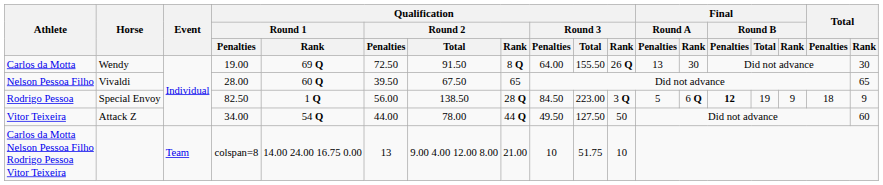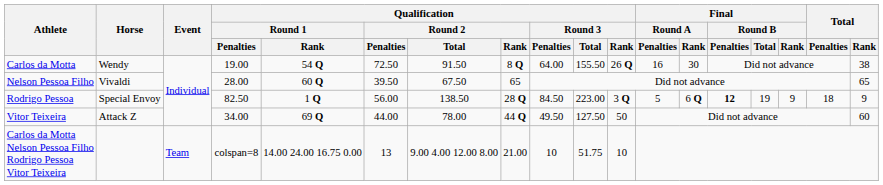 <table class="wikitable" style="font-size:90%">
 <tr>
 <th rowspan="3">Athlete</th>
 <th rowspan="3">Horse</th>
 <th rowspan="3">Event</th>
 <th colspan="8">Qualification</th>
 <th colspan="5">Final</th>
 <th rowspan=2 colspan="2">Total</th>
 </tr>
 <tr style="font-size:95%">
 <th colspan="2">Round 1</th>
 <th colspan="3">Round 2</th>
 <th colspan="3">Round 3</th>
 <th colspan="2">Round A</th>
 <th colspan="3">Round B</th>
 </tr>
 <tr style="font-size:95%">
 <th>Penalties</th>
 <th>Rank</th>
 <th>Penalties</th>
 <th>Total</th>
 <th>Rank</th>
 <th>Penalties</th>
 <th>Total</th>
 <th>Rank</th>
 <th>Penalties</th>
 <th>Rank</th>
 <th>Penalties</th>
 <th>Total</th>
 <th>Rank</th>
 <th>Penalties</th>
 <th>Rank</th>
 </tr>
 <tr align=center>
 <td align=left><a href='#'>Carlos da Motta</a></td>
 <td align=left>Wendy</td>
 <td align=left rowspan=4><a href='#'>Individual</a></td>
 <td>19.00</td>
-<td>69	<strong>Q</strong></td>
+<td>54 <strong>Q</strong></td>
 <td>72.50</td>
 <td>91.50</td>
 <td>8 <strong>Q</strong></td>
 <td>64.00</td>
 <td>155.50</td>
 <td>26 <strong>Q</strong></td>
-<td>13</td>
+<td>16</td>
 <td>30</td>
 <td colspan=4>Did not advance</td>
-<td>30</td>
+<td>38</td>
 </tr>
 <tr align=center>
 <td align=left><a href='#'>Nelson Pessoa Filho</a></td>
 <td align=left>Vivaldi</td>
 <td>28.00</td>
 <td>60	<strong>Q</strong></td>
 <td>39.50</td>
 <td>67.50</td>
 <td>65</td>
 <td colspan=9>Did not advance</td>
 <td>65</td>
 </tr>
 <tr align=center>
 <td align=left><a href='#'>Rodrigo Pessoa</a></td>
 <td align=left>Special Envoy</td>
 <td>82.50</td>
 <td>1 <strong>Q</strong></td>
 <td>56.00</td>
 <td>138.50</td>
 <td>28 <strong>Q</strong></td>
 <td>84.50</td>
 <td>223.00</td>
 <td>3 <strong>Q</strong></td>
 <td>5</td>
 <td>6 <strong>Q</strong></td>
 <td><strong>12</strong></td>
 <td>19</td>
 <td>9</td>
 <td>18</td>
 <td>9</td>
 </tr>
 <tr align=center>
 <td align=left><a href='#'>Vitor Teixeira</a></td>
 <td align=left>Attack Z</td>
 <td>34.00</td>
-<td>54 <strong>Q</strong></td>
+<td>69	<strong>Q</strong></td>
 <td>44.00</td>
 <td>78.00</td>
 <td>44 <strong>Q</strong></td>
 <td>49.50</td>
 <td>127.50</td>
 <td>50</td>
 <td colspan=6>Did not advance</td>
 <td>60</td>
 </tr>
 <tr align=center>
 <td align=left><a href='#'>Carlos da Motta</a><br><a href='#'>Nelson Pessoa Filho</a><br><a href='#'>Rodrigo Pessoa</a><br><a href='#'>Vitor Teixeira</a></td>
 <td align=left></td>
 <td align=left><a href='#'>Team</a></td>
 <td>colspan=8 </td>
 <td>14.00 24.00 16.75 0.00</td>
 <td>13</td>
 <td>9.00 4.00 12.00 8.00</td>
 <td>21.00</td>
 <td>10</td>
 <td>51.75</td>
 <td>10</td>
 </tr>
 </table>
